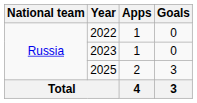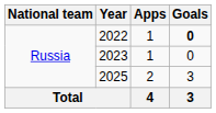 <table class=wikitable style=text-align:center>
 <tr>
 <th>National team</th>
 <th>Year</th>
 <th>Apps</th>
 <th>Goals</th>
 </tr>
 <tr>
 <td rowspan="3"><a href='#'>Russia</a></td>
 <td>2022</td>
 <td>1</td>
-<td>0</td>
+<td><strong>0</strong></td>
 </tr>
 <tr>
 <td>2023</td>
 <td>1</td>
 <td>0</td>
 </tr>
 <tr>
 <td>2025</td>
 <td>2</td>
 <td>3</td>
 </tr>
 <tr>
 <th colspan="2">Total</th>
 <th>4</th>
 <th>3</th>
 </tr>
 </table>
